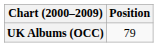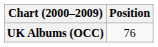 <table class="wikitable plainrowheaders">
 <tr>
 <th scope="col">Chart (2000–2009)</th>
 <th scope="col">Position</th>
 </tr>
 <tr>
 <th scope="row">UK Albums (OCC)</th>
-<td align="center">79</td>
+<td align="center">76</td>
 </tr>
 </table>
